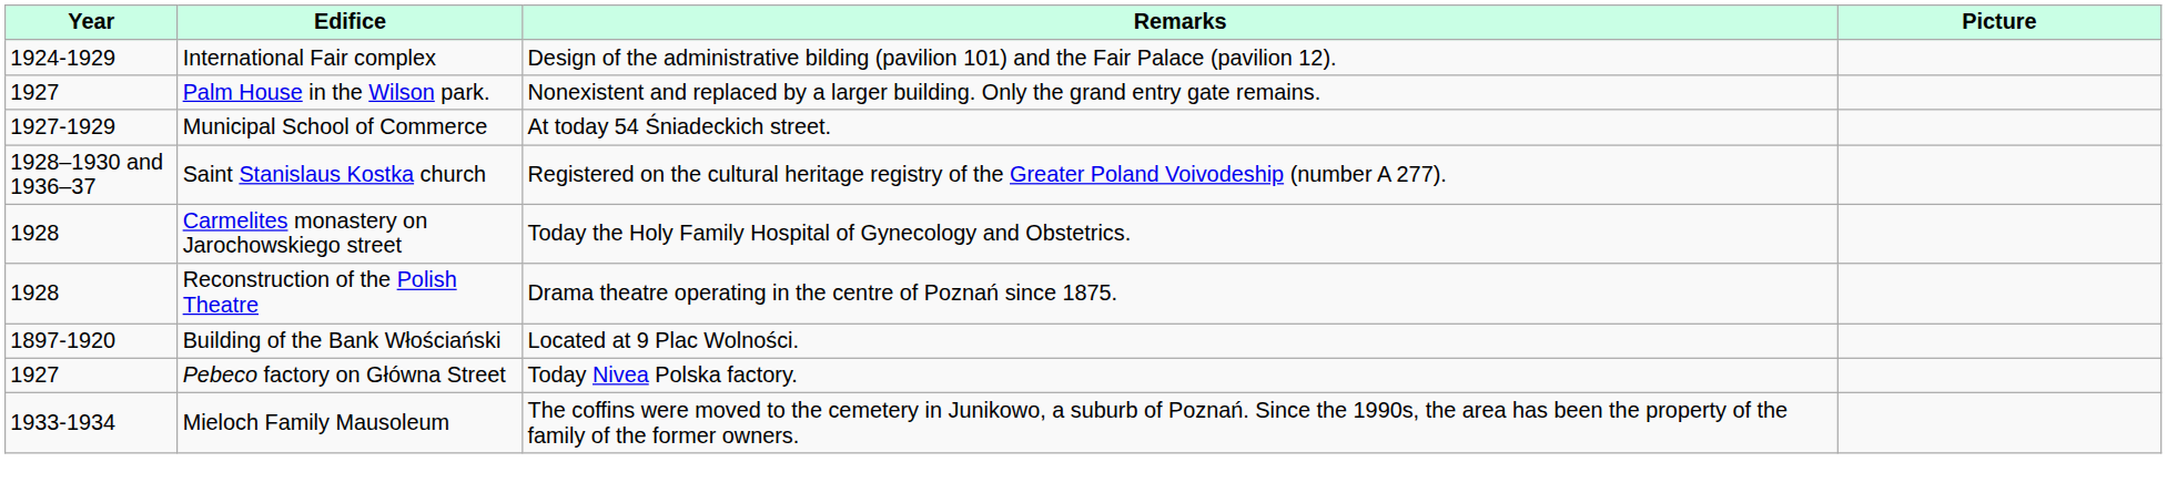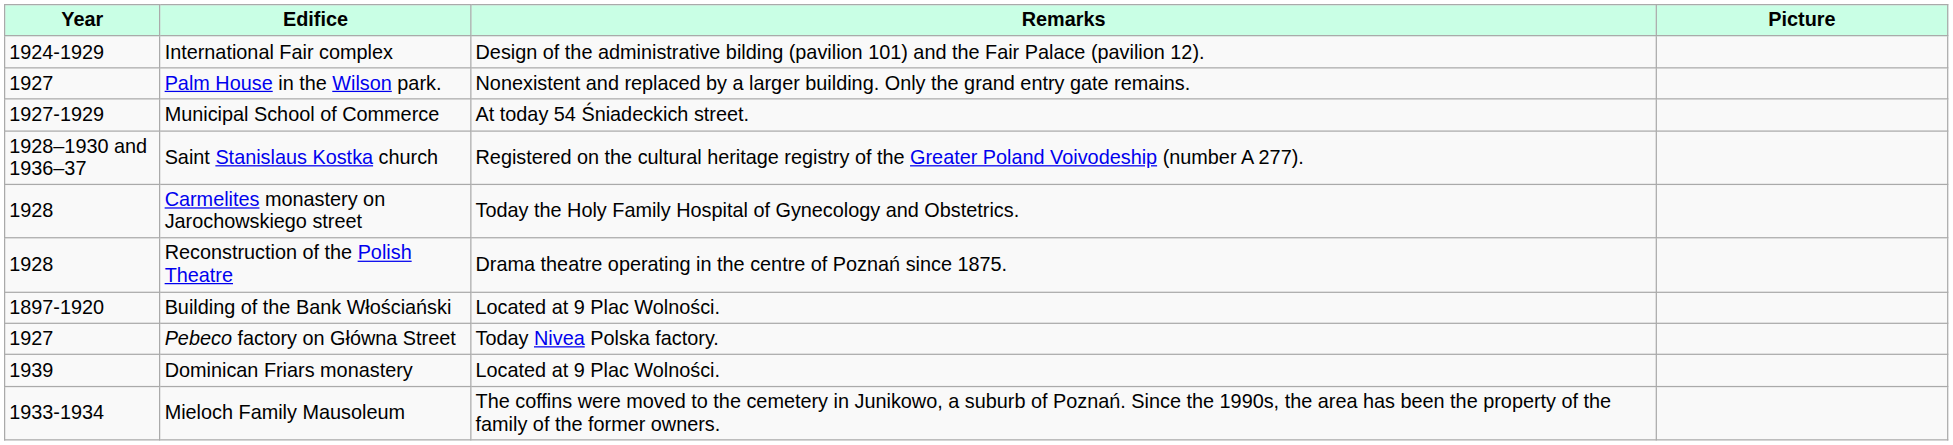 <table class="wikitable" style="flex:30em">
 <tr align="center" bgcolor="#C9FFE5">
 <td width=8%><strong>Year</strong></td>
 <td width=16%><strong>Edifice</strong></td>
 <td width=61%><strong>Remarks</strong></td>
 <td width=15%><strong>Picture</strong></td>
 </tr>
 <tr ----bgcolor="#FFFFFF">
 <td>1924-1929</td>
 <td>International Fair complex</td>
 <td>Design of the administrative bilding (pavilion 101) and the Fair Palace (pavilion 12).</td>
 <td></td>
 </tr>
 <tr>
 <td>1927</td>
 <td><a href='#'>Palm House</a> in the <a href='#'>Wilson</a> park.</td>
 <td>Nonexistent and replaced by a larger building. Only the grand entry gate remains.</td>
 <td></td>
 </tr>
 <tr ----bgcolor="#FFFFFF">
 <td>1927-1929</td>
 <td>Municipal School of Commerce</td>
 <td>At today 54 Śniadeckich street.</td>
 <td></td>
 </tr>
 <tr>
 <td>1928–1930 and 1936–37</td>
 <td>Saint <a href='#'>Stanislaus Kostka</a> church</td>
 <td>Registered on the cultural heritage registry of the <a href='#'>Greater Poland Voivodeship</a> (number A 277).</td>
 <td></td>
 </tr>
 <tr ----bgcolor="#FFFFFF">
 <td>1928</td>
 <td><a href='#'>Carmelites</a> monastery on Jarochowskiego street</td>
 <td>Today the Holy Family Hospital of Gynecology and Obstetrics.</td>
 <td></td>
 </tr>
 <tr>
 <td>1928</td>
 <td>Reconstruction of the <a href='#'>Polish Theatre</a></td>
 <td>Drama theatre operating in the centre of Poznań since 1875.</td>
 <td></td>
 </tr>
 <tr ----bgcolor="#FFFFFF">
 <td>1897-1920</td>
 <td>Building of the Bank Włościański</td>
 <td>Located at 9 Plac Wolności.</td>
 <td></td>
 </tr>
 <tr>
 <td>1927</td>
 <td><em>Pebeco</em> factory on Główna Street</td>
 <td>Today <a href='#'>Nivea</a> Polska factory.</td>
 <td></td>
 </tr>
+<tr ----bgcolor="#FFFFFF">
+<td>1939</td>
+<td>Dominican Friars monastery</td>
+<td>Located at 9 Plac Wolności.</td>
+<td></td>
+</tr>
 <tr>
 <td>1933-1934</td>
 <td>Mieloch Family Mausoleum</td>
 <td>The coffins were moved to the cemetery in Junikowo, a suburb of Poznań. Since the 1990s, the area has been the property of the family of the former owners.</td>
 <td></td>
 </tr>
 </table>
